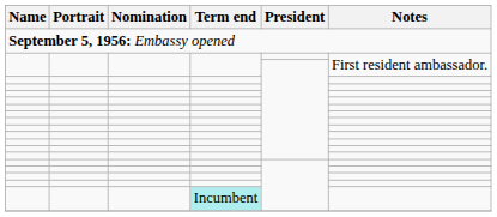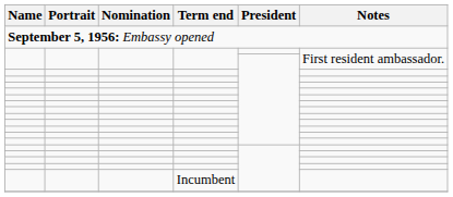 <table class="wikitable sortable"  text-align:center;">
 <tr>
 <th>Name</th>
 <th class="unsortable">Portrait</th>
 <th>Nomination</th>
 <th>Term end</th>
 <th>President</th>
 <th class="unsortable">Notes</th>
 </tr>
 <tr>
 <td colspan=6><div><strong>September 5, 1956:</strong> <em>Embassy opened</em></div></td>
 </tr>
 <tr>
 <td rowspan=2></td>
 <td rowspan=2></td>
 <td rowspan=2></td>
 <td rowspan=2></td>
 <td></td>
 <td rowspan=2>First resident ambassador.</td>
 </tr>
 <tr>
 <td rowspan=13></td>
 </tr>
 <tr>
 <td></td>
 <td></td>
 <td></td>
 <td></td>
 <td></td>
 </tr>
 <tr>
 <td></td>
 <td></td>
 <td></td>
 <td></td>
 <td></td>
 </tr>
 <tr>
 <td></td>
 <td></td>
 <td></td>
 <td></td>
 <td></td>
 </tr>
 <tr>
 <td></td>
 <td></td>
 <td></td>
 <td></td>
 <td></td>
 </tr>
 <tr>
 <td></td>
 <td></td>
 <td></td>
 <td></td>
 <td></td>
 </tr>
 <tr>
 <td></td>
 <td></td>
 <td></td>
 <td></td>
 <td></td>
 </tr>
 <tr>
 <td></td>
 <td></td>
 <td></td>
 <td></td>
 <td></td>
 </tr>
 <tr>
 <td></td>
 <td></td>
 <td></td>
 <td></td>
 <td></td>
 </tr>
 <tr>
 <td></td>
 <td></td>
 <td></td>
 <td></td>
 <td></td>
 </tr>
 <tr>
 <td></td>
 <td></td>
 <td></td>
 <td></td>
 <td></td>
 </tr>
 <tr>
 <td></td>
 <td></td>
 <td></td>
 <td></td>
 <td></td>
 </tr>
 <tr>
 <td></td>
 <td></td>
 <td></td>
 <td></td>
 <td></td>
 </tr>
 <tr>
 <td></td>
 <td></td>
 <td></td>
 <td></td>
 <td rowspan=5></td>
 <td></td>
 </tr>
 <tr>
 <td></td>
 <td></td>
 <td></td>
 <td></td>
 <td></td>
 </tr>
 <tr>
 <td></td>
 <td></td>
 <td></td>
 <td></td>
 <td></td>
 </tr>
 <tr>
 <td></td>
 <td></td>
 <td></td>
 <td></td>
 <td></td>
 </tr>
 <tr>
 <td></td>
 <td></td>
 <td></td>
-<td style="background: paleturquoise;">Incumbent</td>
+<td>Incumbent</td>
 <td></td>
 </tr>
 <tr>
 </tr>
 </table>
